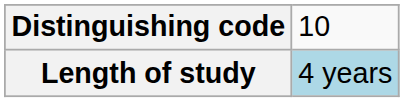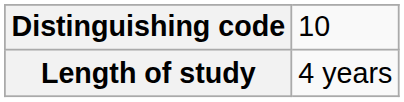 <table class="wikitable">
 <tr>
 <th>Distinguishing code</th>
 <td>10</td>
 </tr>
 <tr>
 <th>Length of study</th>
-<td style="background: lightblue;">4 years</td>
+<td>4 years</td>
 </tr>
 </table>
